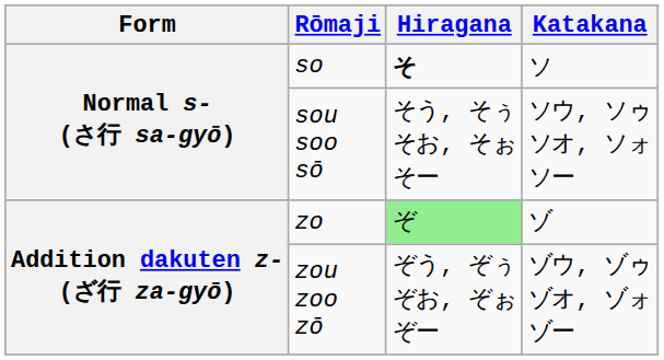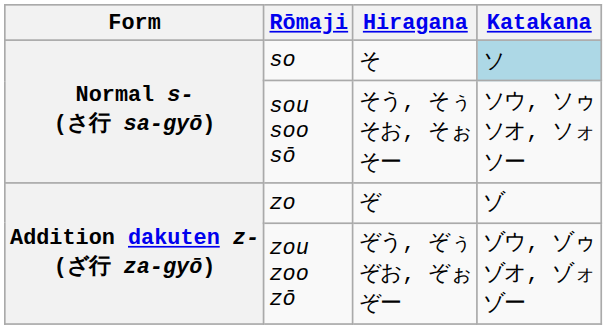 <table class="wikitable">
 <tr>
 <th>Form</th>
 <th><a href='#'>Rōmaji</a></th>
 <th><a href='#'>Hiragana</a></th>
 <th><a href='#'>Katakana</a></th>
 </tr>
 <tr>
 <th rowspan="2">Normal <em>s-</em><br>(さ行 <em>sa-gyō</em>)</th>
 <td><em>so</em></td>
-<td><strong>そ</strong></td>
-<td>ソ</td>
+<td>そ</td>
+<td style="background: lightblue;">ソ</td>
 </tr>
 <tr>
 <td><em>sou</em><br><em>soo</em><br><em>sō</em></td>
 <td>そう, そぅ<br>そお, そぉ<br>そー</td>
 <td>ソウ, ソゥ<br>ソオ, ソォ<br>ソー</td>
 </tr>
 <tr>
 <th rowspan="2">Addition <a href='#'>dakuten</a> <em>z-</em><br>(ざ行 <em>za-gyō</em>)</th>
 <td><em>zo</em></td>
-<td style="background: lightgreen;">ぞ</td>
+<td>ぞ</td>
 <td>ゾ</td>
 </tr>
 <tr>
 <td><em>zou</em><br><em>zoo</em><br><em>zō</em></td>
 <td>ぞう, ぞぅ<br>ぞお, ぞぉ<br>ぞー</td>
 <td>ゾウ, ゾゥ<br>ゾオ, ゾォ<br>ゾー</td>
 </tr>
 </table>
